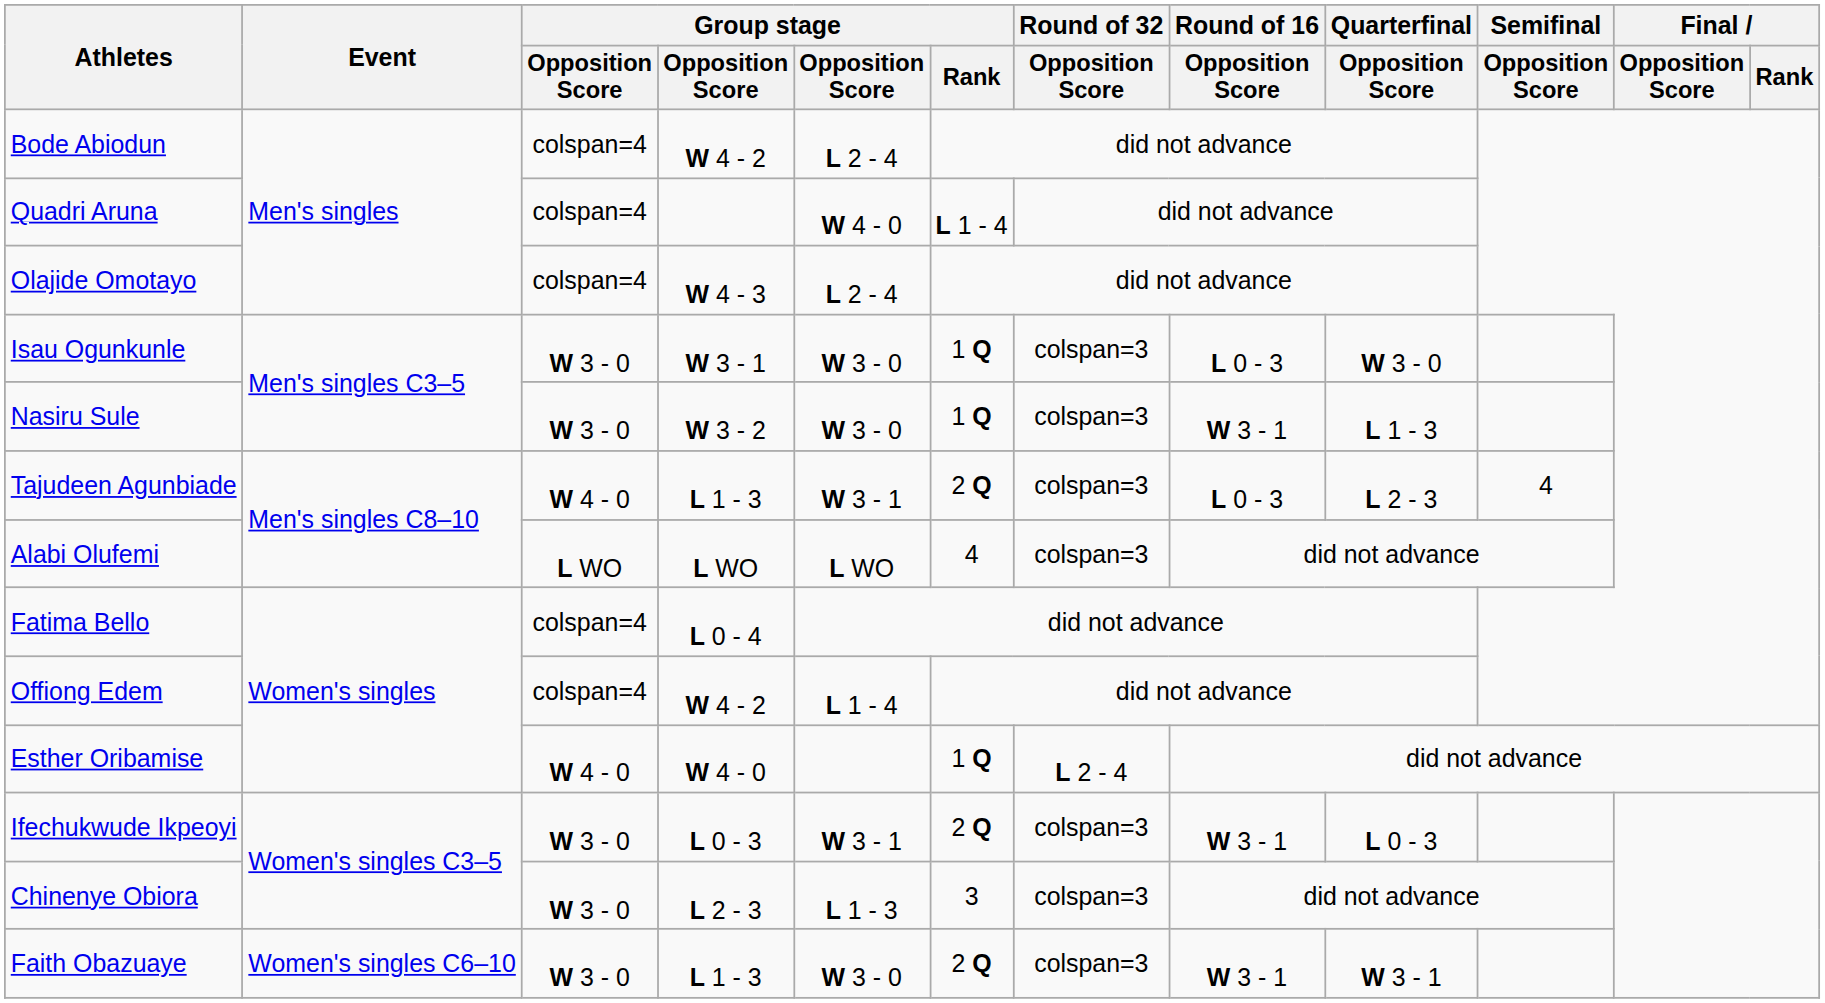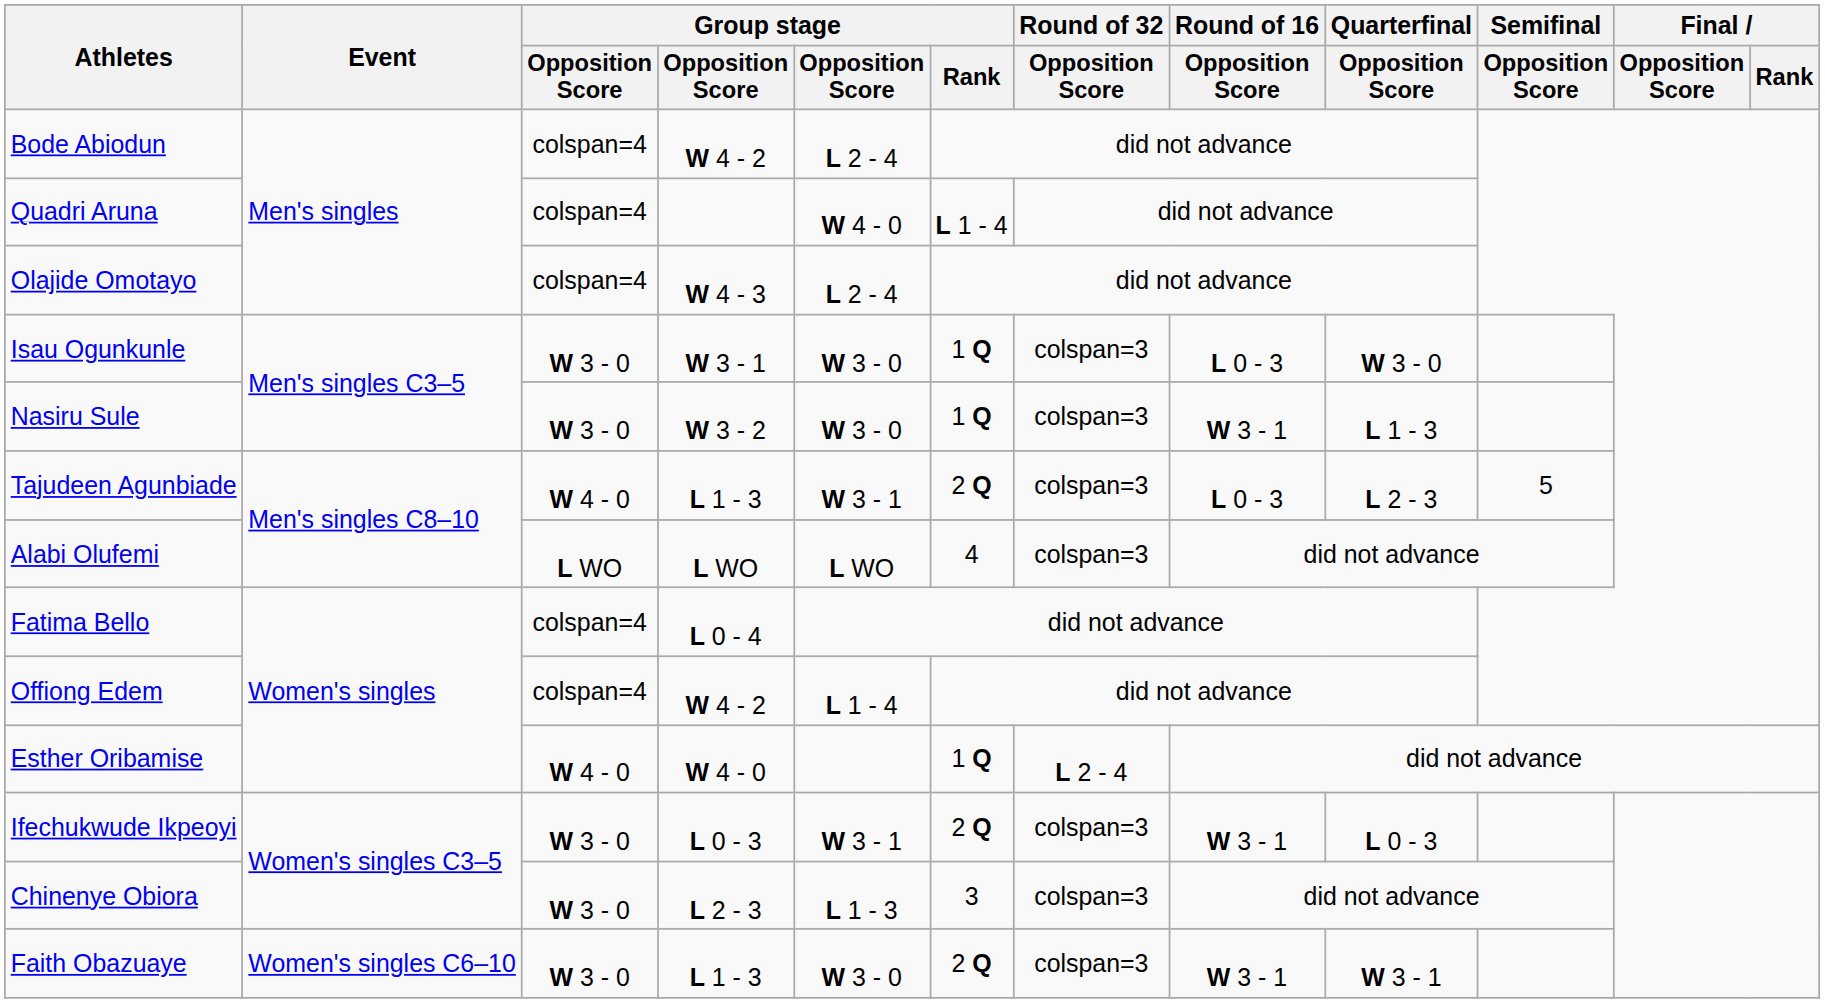 <table class=wikitable style=font-size:88%;text-align:center>
 <tr>
 <th rowspan=2>Athletes</th>
 <th rowspan=2>Event</th>
 <th colspan=4>Group stage</th>
 <th>Round of 32</th>
 <th>Round of 16</th>
 <th>Quarterfinal</th>
 <th>Semifinal</th>
 <th colspan=2>Final / </th>
 </tr>
 <tr style=font-size:95%>
 <th>Opposition<br>Score</th>
 <th>Opposition<br>Score</th>
 <th>Opposition<br>Score</th>
 <th>Rank</th>
 <th>Opposition<br>Score</th>
 <th>Opposition<br>Score</th>
 <th>Opposition<br>Score</th>
 <th>Opposition<br>Score</th>
 <th>Opposition<br>Score</th>
 <th>Rank</th>
 </tr>
 <tr>
 <td align=left><a href='#'>Bode Abiodun</a></td>
 <td align=left rowspan=3><a href='#'>Men's singles</a></td>
 <td>colspan=4 </td>
 <td><br><strong>W</strong> 4 - 2</td>
 <td><br><strong>L</strong> 2 - 4</td>
 <td colspan=4>did not advance</td>
 </tr>
 <tr>
 <td align=left><a href='#'>Quadri Aruna</a></td>
 <td>colspan=4 </td>
 <td></td>
 <td><br><strong>W</strong> 4 - 0</td>
 <td><br><strong>L</strong> 1 - 4</td>
 <td colspan=3>did not advance</td>
 </tr>
 <tr>
 <td align=left><a href='#'>Olajide Omotayo</a></td>
 <td>colspan=4 </td>
 <td><br><strong>W</strong> 4 - 3</td>
 <td><br><strong>L</strong> 2 - 4</td>
 <td colspan=4>did not advance</td>
 </tr>
 <tr>
 <td align=left><a href='#'>Isau Ogunkunle</a></td>
 <td align=left rowspan=2><a href='#'>Men's singles C3–5</a></td>
 <td><br><strong>W</strong> 3 - 0</td>
 <td><br><strong>W</strong> 3 - 1</td>
 <td><br><strong>W</strong> 3 - 0</td>
 <td>1 <strong>Q</strong></td>
 <td>colspan=3 </td>
 <td><br><strong>L</strong> 0 - 3</td>
 <td><br><strong>W</strong> 3 - 0</td>
 <td></td>
 </tr>
 <tr>
 <td align=left><a href='#'>Nasiru Sule</a></td>
 <td><br><strong>W</strong> 3 - 0</td>
 <td><br><strong>W</strong> 3 - 2</td>
 <td><br><strong>W</strong> 3 - 0</td>
 <td>1 <strong>Q</strong></td>
 <td>colspan=3 </td>
 <td><br><strong>W</strong> 3 - 1</td>
 <td><br><strong>L</strong> 1 - 3</td>
 <td></td>
 </tr>
 <tr>
 <td align=left><a href='#'>Tajudeen Agunbiade</a></td>
 <td align=left rowspan=2><a href='#'>Men's singles C8–10</a></td>
 <td><br><strong>W</strong> 4 - 0</td>
 <td><br><strong>L</strong> 1 - 3</td>
 <td><br><strong>W</strong> 3 - 1</td>
 <td>2 <strong>Q</strong></td>
 <td>colspan=3 </td>
 <td><br><strong>L</strong> 0 - 3</td>
 <td><br><strong>L</strong> 2 - 3</td>
-<td>4</td>
+<td>5</td>
 </tr>
 <tr>
 <td align=left><a href='#'>Alabi Olufemi</a></td>
 <td><br><strong>L</strong> WO</td>
 <td><br><strong>L</strong> WO</td>
 <td><br><strong>L</strong> WO</td>
 <td>4</td>
 <td>colspan=3 </td>
 <td colspan=3>did not advance</td>
 </tr>
 <tr>
 <td align=left><a href='#'>Fatima Bello</a></td>
 <td align=left rowspan=3><a href='#'>Women's singles</a></td>
 <td>colspan=4 </td>
 <td><br><strong>L</strong> 0 - 4</td>
 <td colspan=5>did not advance</td>
 </tr>
 <tr>
 <td align=left><a href='#'>Offiong Edem</a></td>
 <td>colspan=4 </td>
 <td><br><strong>W</strong> 4 - 2</td>
 <td><br><strong>L</strong> 1 - 4</td>
 <td colspan=4>did not advance</td>
 </tr>
 <tr>
 <td align=left><a href='#'>Esther Oribamise</a></td>
 <td><br><strong>W</strong> 4 - 0</td>
 <td><br><strong>W</strong> 4 - 0</td>
 <td></td>
 <td>1 <strong>Q</strong></td>
 <td><br><strong>L</strong> 2 - 4</td>
 <td colspan=5>did not advance</td>
 </tr>
 <tr>
 <td align=left><a href='#'>Ifechukwude Ikpeoyi</a></td>
 <td align=left rowspan=2><a href='#'>Women's singles C3–5</a></td>
 <td><br><strong>W</strong> 3 - 0</td>
 <td><br><strong>L</strong> 0 - 3</td>
 <td><br><strong>W</strong> 3 - 1</td>
 <td>2 <strong>Q</strong></td>
 <td>colspan=3 </td>
 <td><br><strong>W</strong> 3 - 1</td>
 <td><br><strong>L</strong> 0 - 3</td>
 <td></td>
 </tr>
 <tr>
 <td align=left><a href='#'>Chinenye Obiora</a></td>
 <td><br><strong>W</strong> 3 - 0</td>
 <td><br><strong>L</strong> 2 - 3</td>
 <td><br><strong>L</strong> 1 - 3</td>
 <td>3</td>
 <td>colspan=3 </td>
 <td colspan=3>did not advance</td>
 </tr>
 <tr>
 <td align=left><a href='#'>Faith Obazuaye</a></td>
 <td align=left><a href='#'>Women's singles C6–10</a></td>
 <td><br><strong>W</strong> 3 - 0</td>
 <td><br><strong>L</strong> 1 - 3</td>
 <td><br><strong>W</strong> 3 - 0</td>
 <td>2 <strong>Q</strong></td>
 <td>colspan=3 </td>
 <td><br><strong>W</strong> 3 - 1</td>
 <td><br><strong>W</strong> 3 - 1</td>
 <td></td>
 </tr>
 </table>
